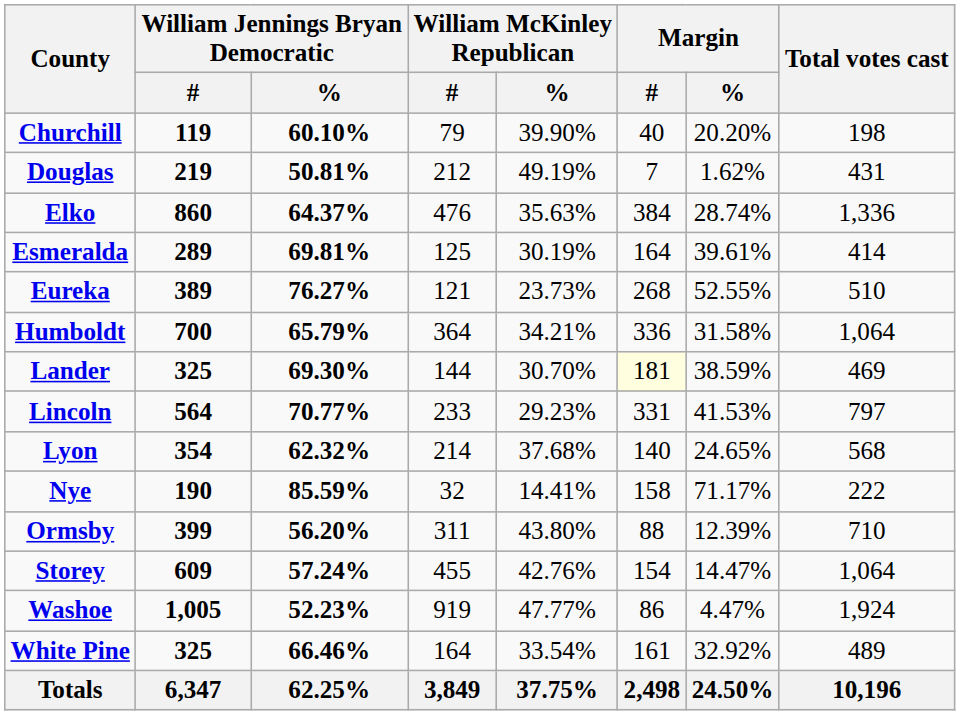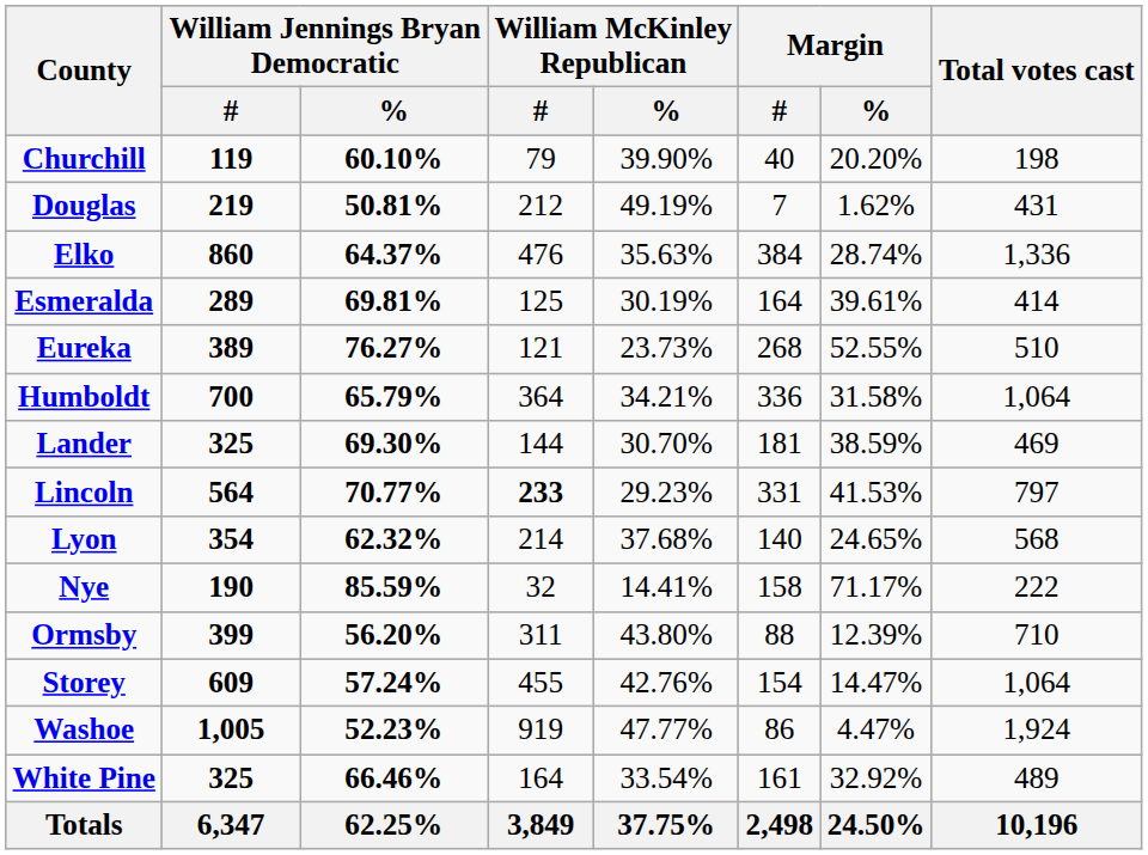 <table class="wikitable sortable" style="text-align:center">
 <tr>
 <th style="text-align:center;" rowspan="2">County</th>
 <th style="text-align:center;" colspan="2">William Jennings Bryan<br>Democratic</th>
 <th style="text-align:center;" colspan="2">William McKinley<br>Republican</th>
 <th style="text-align:center;" colspan="2">Margin</th>
 <th style="text-align:center;" rowspan="2">Total votes cast</th>
 </tr>
 <tr>
 <th style="text-align:center;" data-sort-type="number">#</th>
 <th style="text-align:center;" data-sort-type="number">%</th>
 <th style="text-align:center;" data-sort-type="number">#</th>
 <th style="text-align:center;" data-sort-type="number">%</th>
 <th style="text-align:center;" data-sort-type="number">#</th>
 <th style="text-align:center;" data-sort-type="number">%</th>
 </tr>
 <tr style="text-align:center">
 <td><strong><a href='#'>Churchill</a></strong></td>
 <td><strong>119</strong></td>
 <td><strong>60.10%</strong></td>
 <td>79</td>
 <td>39.90%</td>
 <td>40</td>
 <td>20.20%</td>
 <td>198</td>
 </tr>
 <tr style="text-align:center">
 <td><strong><a href='#'>Douglas</a></strong></td>
 <td><strong>219</strong></td>
 <td><strong>50.81%</strong></td>
 <td>212</td>
 <td>49.19%</td>
 <td>7</td>
 <td>1.62%</td>
 <td>431</td>
 </tr>
 <tr style="text-align:center">
 <td><strong><a href='#'>Elko</a></strong></td>
 <td><strong>860</strong></td>
 <td><strong>64.37%</strong></td>
 <td>476</td>
 <td>35.63%</td>
 <td>384</td>
 <td>28.74%</td>
 <td>1,336</td>
 </tr>
 <tr style="text-align:center">
 <td><strong><a href='#'>Esmeralda</a></strong></td>
 <td><strong>289</strong></td>
 <td><strong>69.81%</strong></td>
 <td>125</td>
 <td>30.19%</td>
 <td>164</td>
 <td>39.61%</td>
 <td>414</td>
 </tr>
 <tr style="text-align:center">
 <td><strong><a href='#'>Eureka</a></strong></td>
 <td><strong>389</strong></td>
 <td><strong>76.27%</strong></td>
 <td>121</td>
 <td>23.73%</td>
 <td>268</td>
 <td>52.55%</td>
 <td>510</td>
 </tr>
 <tr style="text-align:center">
 <td><strong><a href='#'>Humboldt</a></strong></td>
 <td><strong>700</strong></td>
 <td><strong>65.79%</strong></td>
 <td>364</td>
 <td>34.21%</td>
 <td>336</td>
 <td>31.58%</td>
 <td>1,064</td>
 </tr>
 <tr style="text-align:center">
 <td><strong><a href='#'>Lander</a></strong></td>
 <td><strong>325</strong></td>
 <td><strong>69.30%</strong></td>
 <td>144</td>
 <td>30.70%</td>
-<td style="background: lightyellow;">181</td>
+<td>181</td>
 <td>38.59%</td>
 <td>469</td>
 </tr>
 <tr style="text-align:center">
 <td><strong><a href='#'>Lincoln</a></strong></td>
 <td><strong>564</strong></td>
 <td><strong>70.77%</strong></td>
-<td>233</td>
+<td><strong>233</strong></td>
 <td>29.23%</td>
 <td>331</td>
 <td>41.53%</td>
 <td>797</td>
 </tr>
 <tr style="text-align:center">
 <td><strong><a href='#'>Lyon</a></strong></td>
 <td><strong>354</strong></td>
 <td><strong>62.32%</strong></td>
 <td>214</td>
 <td>37.68%</td>
 <td>140</td>
 <td>24.65%</td>
 <td>568</td>
 </tr>
 <tr style="text-align:center">
 <td><strong><a href='#'>Nye</a></strong></td>
 <td><strong>190</strong></td>
 <td><strong>85.59%</strong></td>
 <td>32</td>
 <td>14.41%</td>
 <td>158</td>
 <td>71.17%</td>
 <td>222</td>
 </tr>
 <tr style="text-align:center">
 <td><strong><a href='#'>Ormsby</a></strong></td>
 <td><strong>399</strong></td>
 <td><strong>56.20%</strong></td>
 <td>311</td>
 <td>43.80%</td>
 <td>88</td>
 <td>12.39%</td>
 <td>710</td>
 </tr>
 <tr style="text-align:center">
 <td><strong><a href='#'>Storey</a></strong></td>
 <td><strong>609</strong></td>
 <td><strong>57.24%</strong></td>
 <td>455</td>
 <td>42.76%</td>
 <td>154</td>
 <td>14.47%</td>
 <td>1,064</td>
 </tr>
 <tr style="text-align:center">
 <td><strong><a href='#'>Washoe</a></strong></td>
 <td><strong>1,005</strong></td>
 <td><strong>52.23%</strong></td>
 <td>919</td>
 <td>47.77%</td>
 <td>86</td>
 <td>4.47%</td>
 <td>1,924</td>
 </tr>
 <tr style="text-align:center">
 <td><strong><a href='#'>White Pine</a></strong></td>
 <td><strong>325</strong></td>
 <td><strong>66.46%</strong></td>
 <td>164</td>
 <td>33.54%</td>
 <td>161</td>
 <td>32.92%</td>
 <td>489</td>
 </tr>
 <tr style="text-align:center">
 <th>Totals</th>
 <th>6,347</th>
 <th>62.25%</th>
 <th>3,849</th>
 <th>37.75%</th>
 <th>2,498</th>
 <th>24.50%</th>
 <th>10,196</th>
 </tr>
 </table>
